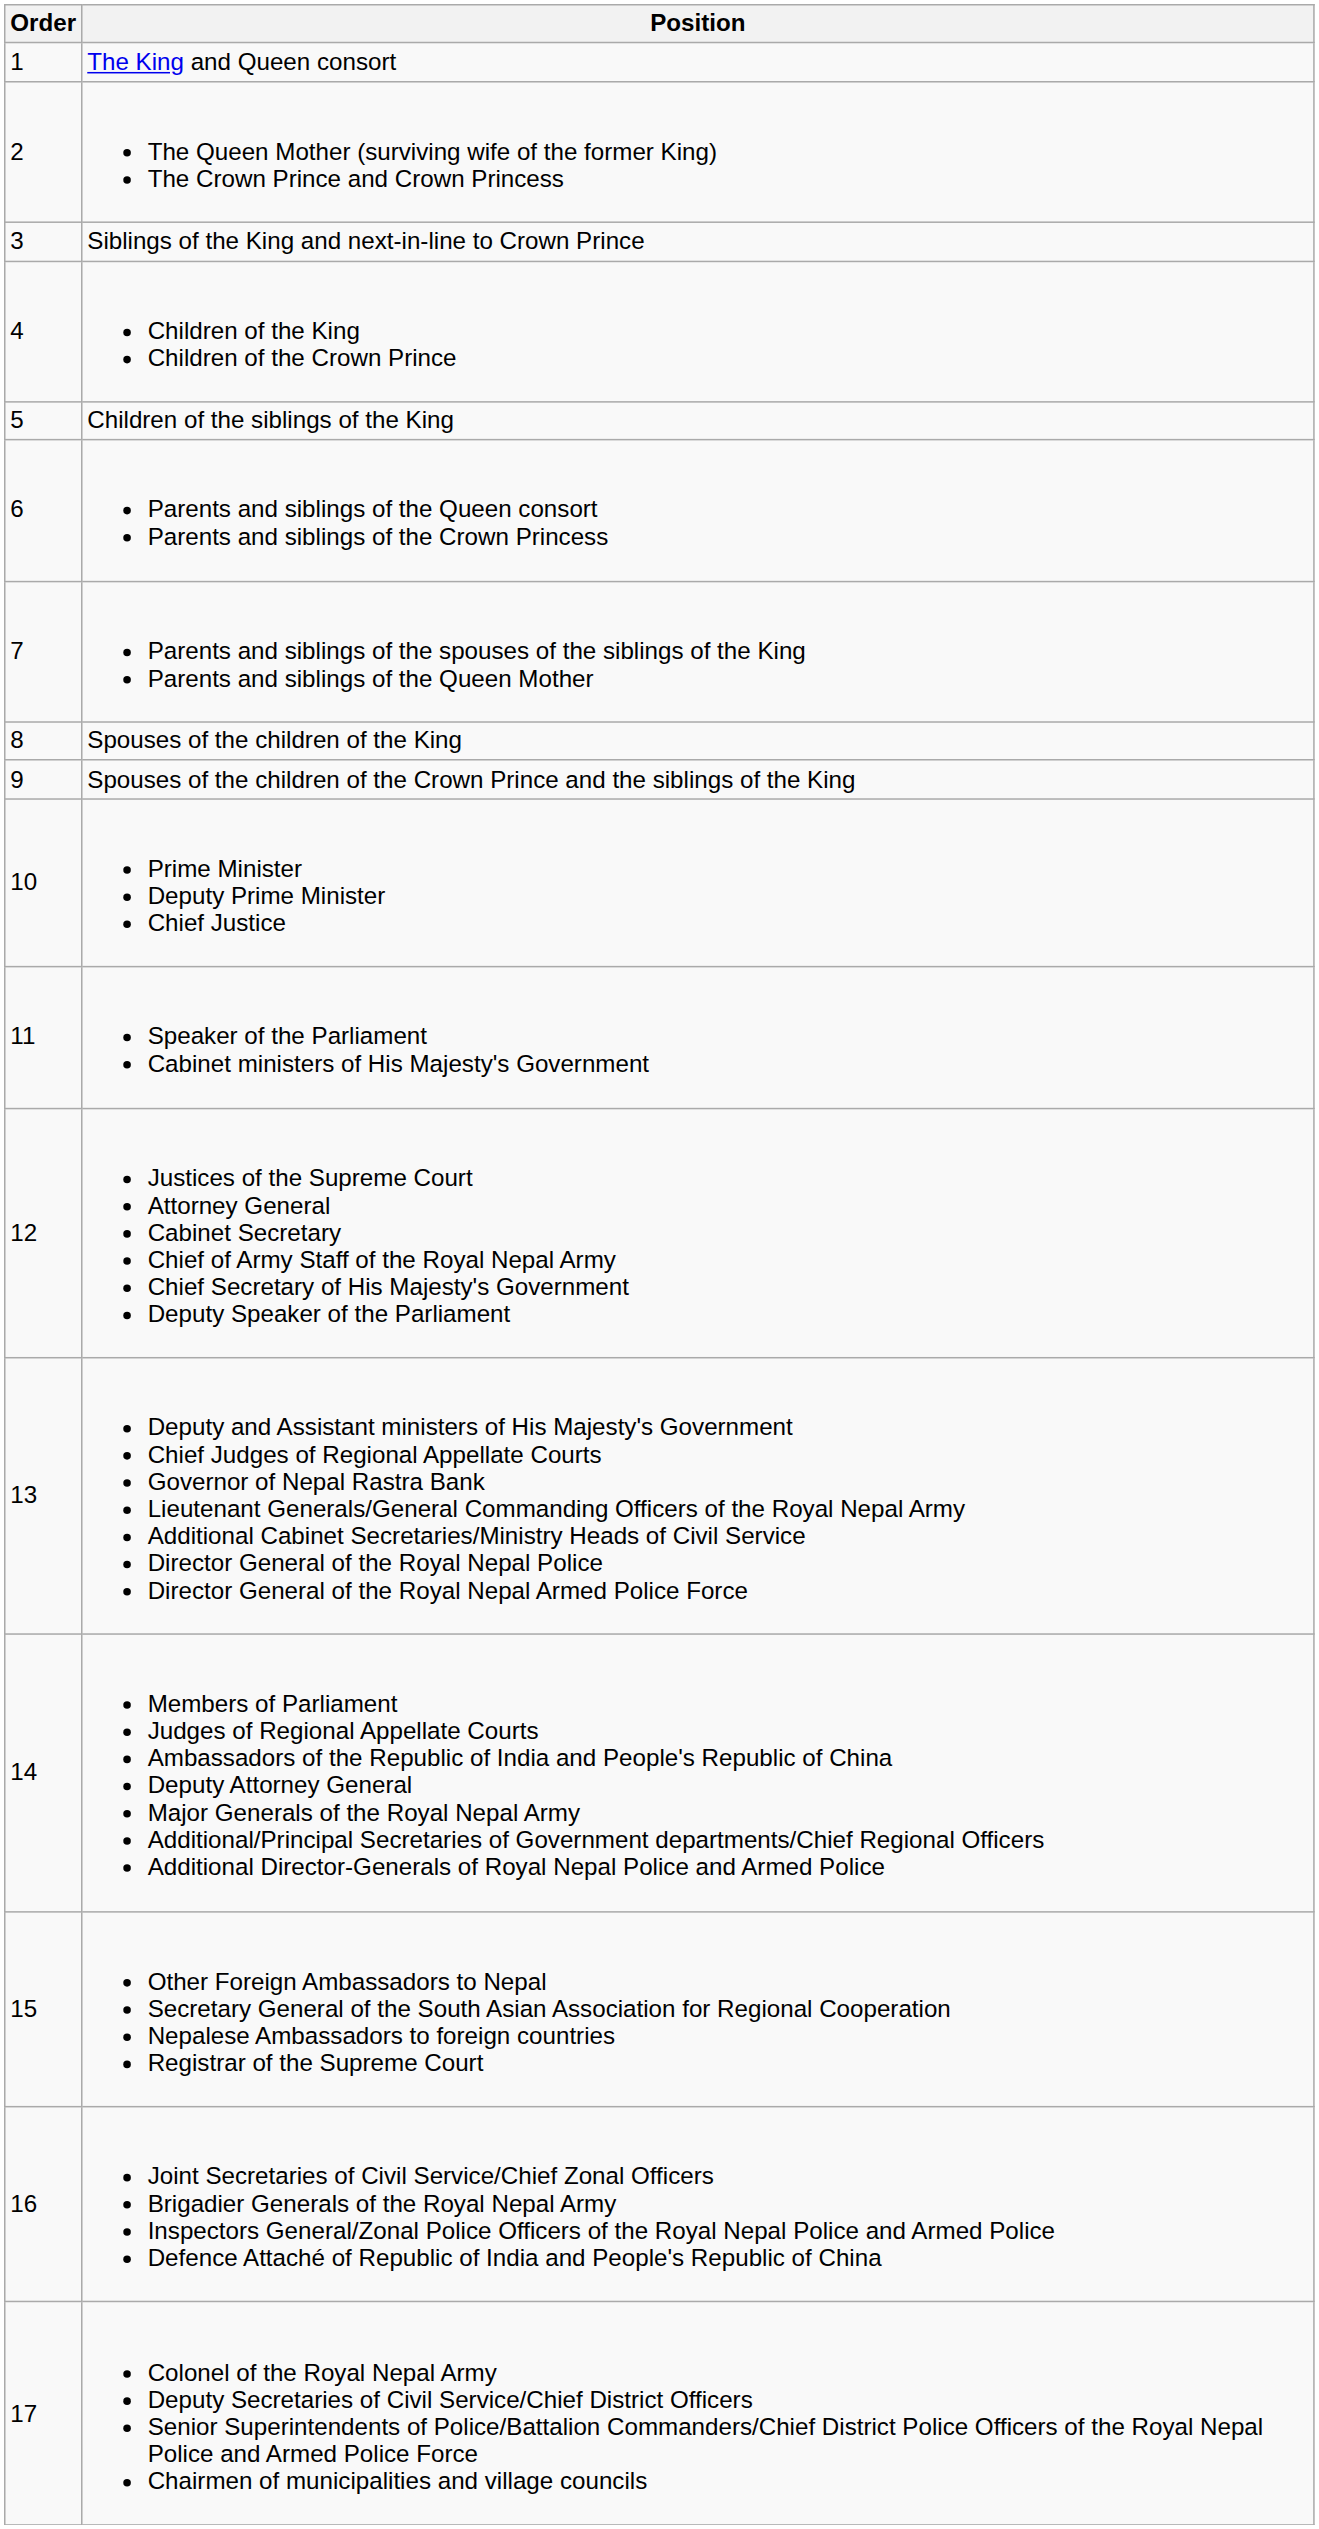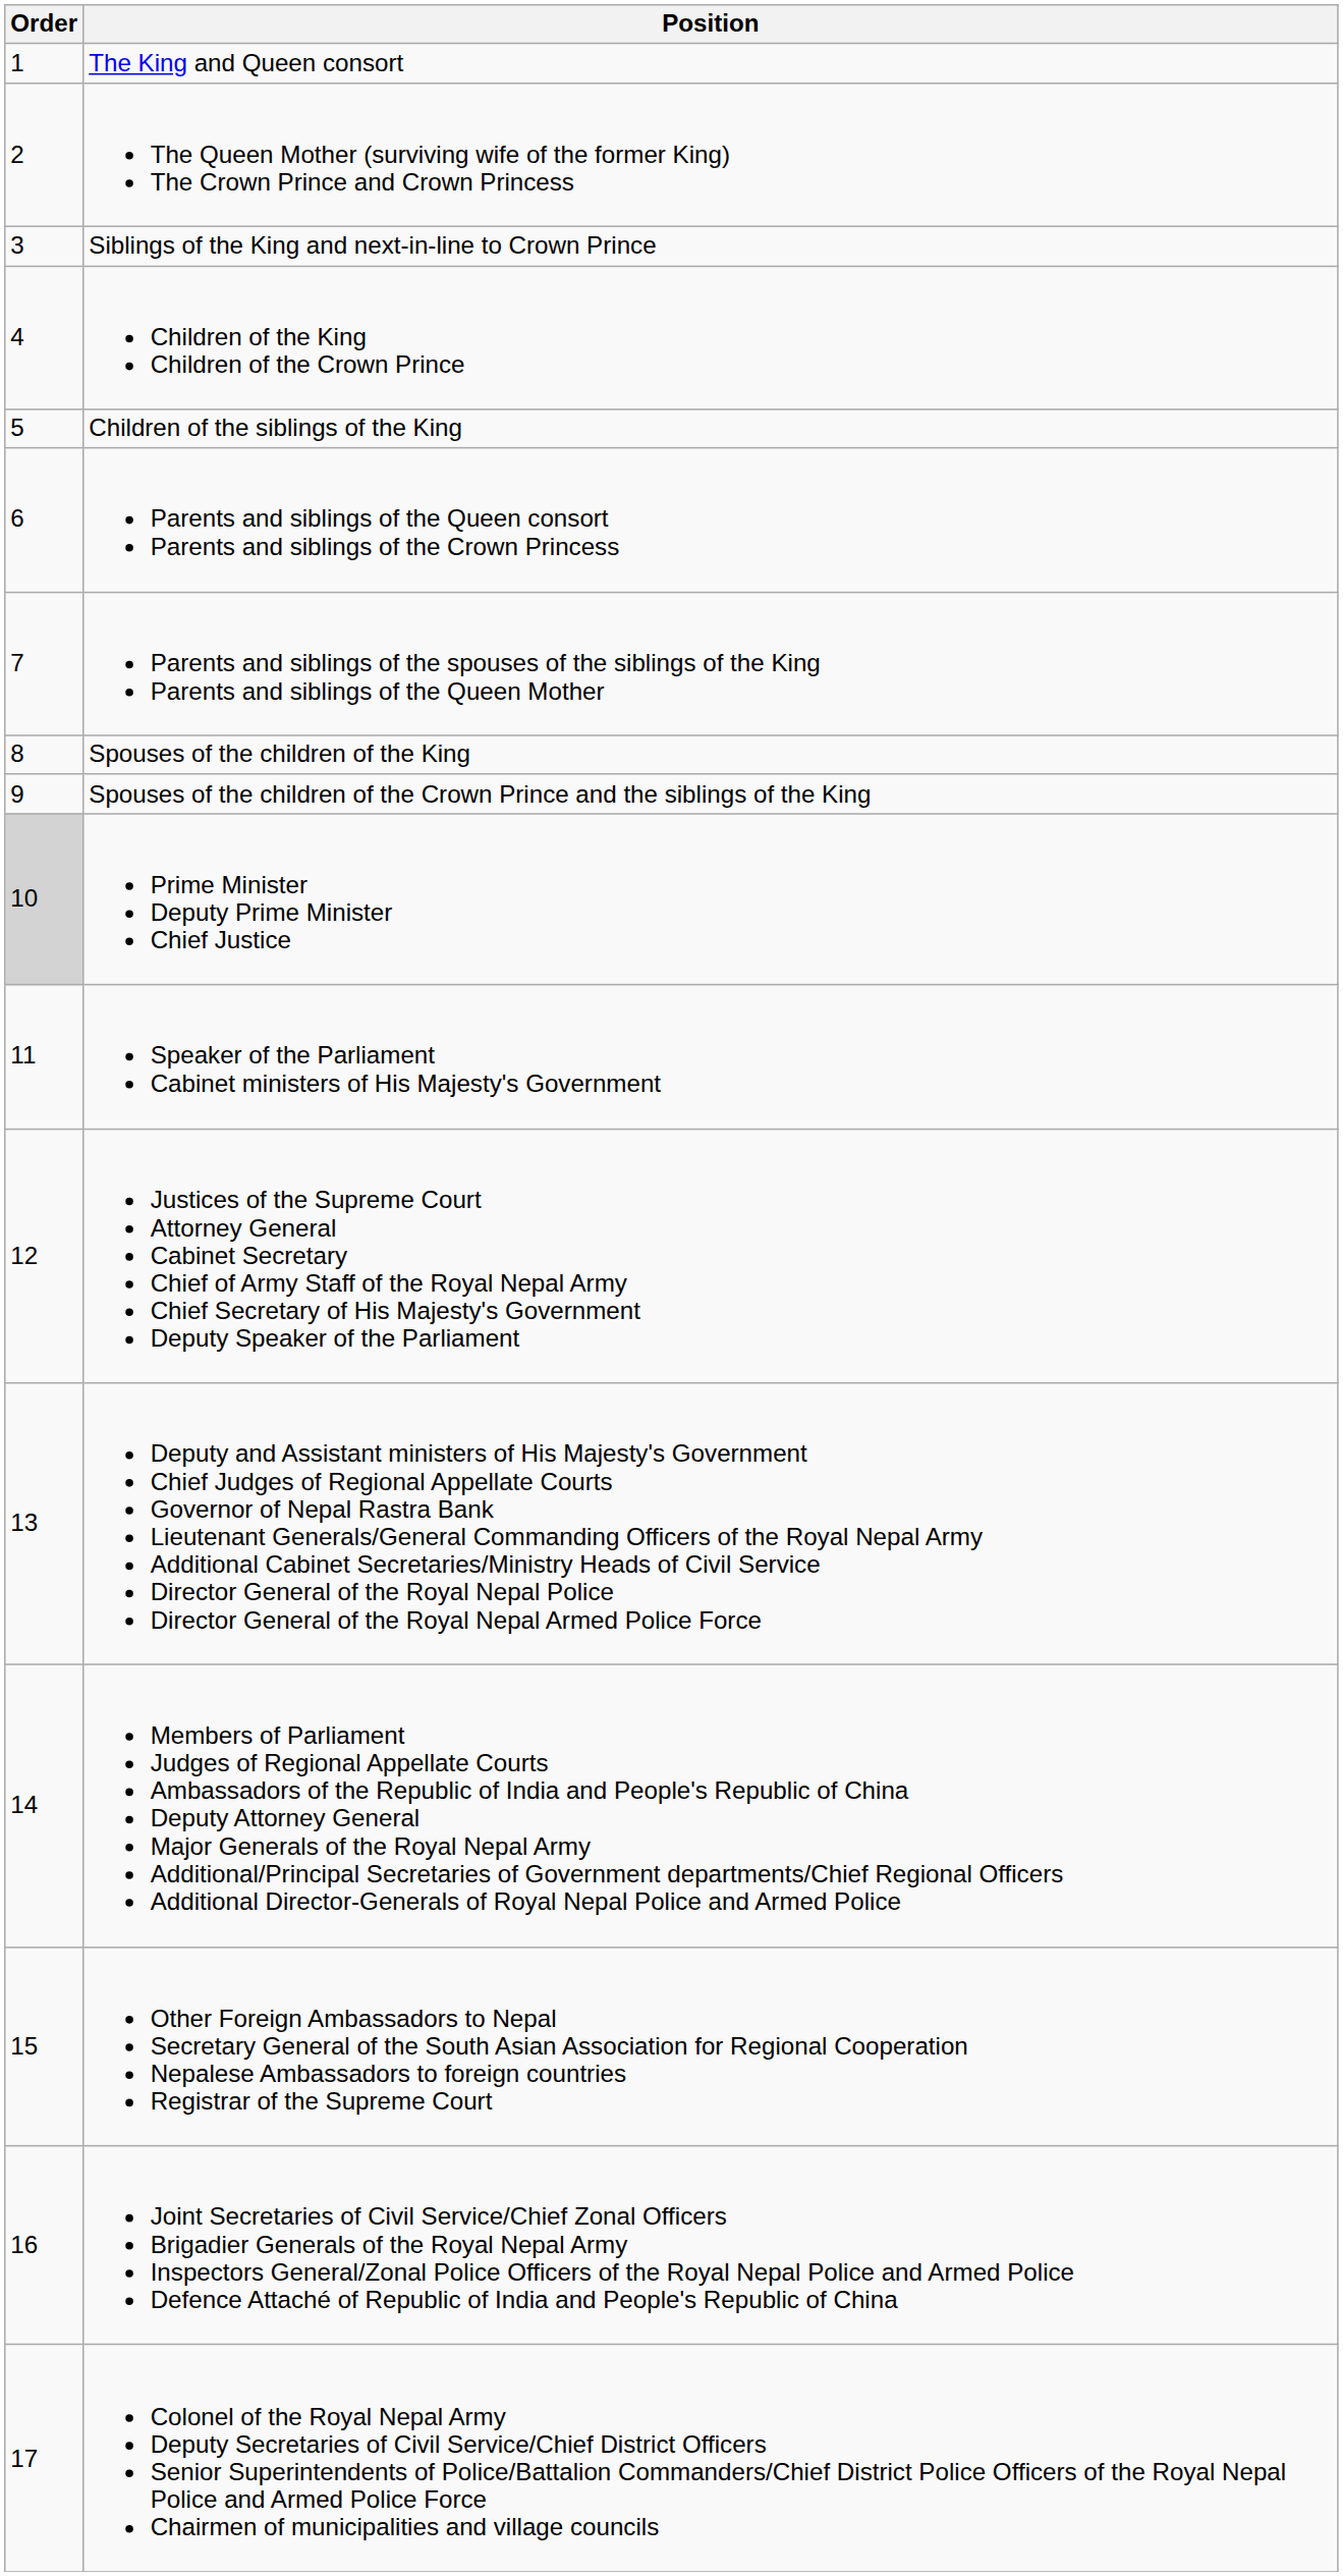 <table class="wikitable">
 <tr>
 <th>Order</th>
 <th>Position</th>
 </tr>
 <tr>
 <td>1</td>
 <td><a href='#'>The King</a> and Queen consort</td>
 </tr>
 <tr>
 <td>2</td>
 <td><br><ul><li>The Queen Mother (surviving wife of the former King)</li><li>The Crown Prince and Crown Princess</li></ul></td>
 </tr>
 <tr>
 <td>3</td>
 <td>Siblings of the King and next-in-line to Crown Prince</td>
 </tr>
 <tr>
 <td>4</td>
 <td><br><ul><li>Children of the King</li><li>Children of the Crown Prince</li></ul></td>
 </tr>
 <tr>
 <td>5</td>
 <td>Children of the siblings of the King</td>
 </tr>
 <tr>
 <td>6</td>
 <td><br><ul><li>Parents and siblings of the Queen consort</li><li>Parents and siblings of the Crown Princess</li></ul></td>
 </tr>
 <tr>
 <td>7</td>
 <td><br><ul><li>Parents and siblings of the spouses of the siblings of the King</li><li>Parents and siblings of the Queen Mother</li></ul></td>
 </tr>
 <tr>
 <td>8</td>
 <td>Spouses of the children of the King</td>
 </tr>
 <tr>
 <td>9</td>
 <td>Spouses of the children of the Crown Prince and the siblings of the King</td>
 </tr>
 <tr>
-<td>10</td>
+<td style="background: lightgrey;">10</td>
 <td><br><ul><li>Prime Minister</li><li>Deputy Prime Minister</li><li>Chief Justice</li></ul></td>
 </tr>
 <tr>
 <td>11</td>
 <td><br><ul><li>Speaker of the Parliament</li><li>Cabinet ministers of His Majesty's Government</li></ul></td>
 </tr>
 <tr>
 <td>12</td>
 <td><br><ul><li>Justices of the Supreme Court</li><li>Attorney General</li><li>Cabinet Secretary</li><li>Chief of Army Staff of the Royal Nepal Army</li><li>Chief Secretary of His Majesty's Government</li><li>Deputy Speaker of the Parliament</li></ul></td>
 </tr>
 <tr>
 <td>13</td>
 <td><br><ul><li>Deputy and Assistant ministers of His Majesty's Government</li><li>Chief Judges of Regional Appellate Courts</li><li>Governor of Nepal Rastra Bank</li><li>Lieutenant Generals/General Commanding Officers of the Royal Nepal Army</li><li>Additional Cabinet Secretaries/Ministry Heads of Civil Service</li><li>Director General of the Royal Nepal Police</li><li>Director General of the Royal Nepal Armed Police Force</li></ul></td>
 </tr>
 <tr>
 <td>14</td>
 <td><br><ul><li>Members of Parliament</li><li>Judges of Regional Appellate Courts</li><li>Ambassadors of the Republic of India and People's Republic of China</li><li>Deputy Attorney General</li><li>Major Generals of the Royal Nepal Army</li><li>Additional/Principal Secretaries of Government departments/Chief Regional Officers</li><li>Additional Director-Generals of Royal Nepal Police and Armed Police</li></ul></td>
 </tr>
 <tr>
 <td>15</td>
 <td><br><ul><li>Other Foreign Ambassadors to Nepal</li><li>Secretary General of the South Asian Association for Regional Cooperation</li><li>Nepalese Ambassadors to foreign countries</li><li>Registrar of the Supreme Court</li></ul></td>
 </tr>
 <tr>
 <td>16</td>
 <td><br><ul><li>Joint Secretaries of Civil Service/Chief Zonal Officers</li><li>Brigadier Generals of the Royal Nepal Army</li><li>Inspectors General/Zonal Police Officers of the Royal Nepal Police and Armed Police</li><li>Defence Attaché of Republic of India and People's Republic of China</li></ul></td>
 </tr>
 <tr>
 <td>17</td>
 <td><br><ul><li>Colonel of the Royal Nepal Army</li><li>Deputy Secretaries of Civil Service/Chief District Officers</li><li>Senior Superintendents of Police/Battalion Commanders/Chief District Police Officers of the Royal Nepal Police and Armed Police Force</li><li>Chairmen of municipalities and village councils</li></ul></td>
 </tr>
 </table>
